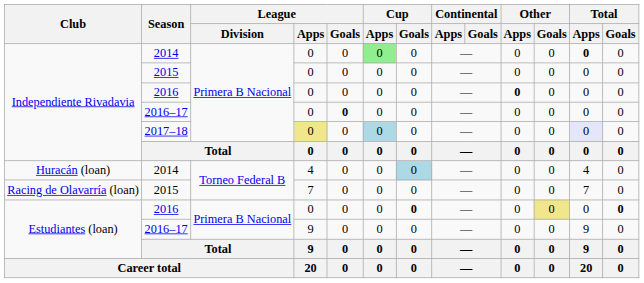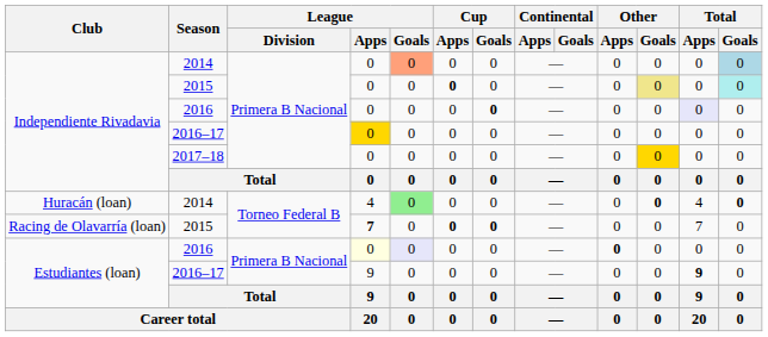 <table class="wikitable" style="text-align:center">
 <tr>
 <th rowspan="2">Club</th>
 <th rowspan="2">Season</th>
 <th colspan="3">League</th>
 <th colspan="2">Cup</th>
 <th colspan="2">Continental</th>
 <th colspan="2">Other</th>
 <th colspan="2">Total</th>
 </tr>
 <tr>
 <th>Division</th>
 <th>Apps</th>
 <th>Goals</th>
 <th>Apps</th>
 <th>Goals</th>
 <th>Apps</th>
 <th>Goals</th>
 <th>Apps</th>
 <th>Goals</th>
 <th>Apps</th>
 <th>Goals</th>
 </tr>
 <tr>
 <td rowspan="6"><a href='#'>Independiente Rivadavia</a></td>
 <td><a href='#'>2014</a></td>
 <td rowspan="5"><a href='#'>Primera B Nacional</a></td>
 <td>0</td>
+<td style="background: lightsalmon;">0</td>
 <td>0</td>
-<td style="background: lightgreen;">0</td>
 <td>0</td>
 <td colspan="2">—</td>
 <td>0</td>
 <td>0</td>
-<td><strong>0</strong></td>
 <td>0</td>
+<td style="background: lightblue;">0</td>
 </tr>
 <tr>
 <td><a href='#'>2015</a></td>
 <td>0</td>
+<td>0</td>
+<td><strong>0</strong></td>
+<td>0</td>
+<td colspan="2">—</td>
+<td>0</td>
+<td style="background: khaki;">0</td>
+<td>0</td>
+<td style="background: paleturquoise;">0</td>
+</tr>
+<tr>
+<td><a href='#'>2016</a></td>
+<td>0</td>
+<td>0</td>
+<td>0</td>
+<td><strong>0</strong></td>
+<td colspan="2">—</td>
+<td>0</td>
+<td>0</td>
+<td style="background: lavender;">0</td>
+<td>0</td>
+</tr>
+<tr>
+<td><a href='#'>2016–17</a></td>
+<td style="background: gold;">0</td>
 <td>0</td>
 <td>0</td>
 <td>0</td>
 <td colspan="2">—</td>
 <td>0</td>
 <td>0</td>
 <td>0</td>
 <td>0</td>
 </tr>
 <tr>
-<td><a href='#'>2016</a></td>
+<td><a href='#'>2017–18</a></td>
 <td>0</td>
 <td>0</td>
 <td>0</td>
 <td>0</td>
 <td colspan="2">—</td>
-<td><strong>0</strong></td>
 <td>0</td>
+<td style="background: gold;">0</td>
 <td>0</td>
-<td>0</td>
-</tr>
-<tr>
-<td><a href='#'>2016–17</a></td>
-<td>0</td>
-<td><strong>0</strong></td>
-<td>0</td>
-<td>0</td>
-<td colspan="2">—</td>
-<td>0</td>
-<td>0</td>
-<td>0</td>
-<td>0</td>
-</tr>
-<tr>
-<td><a href='#'>2017–18</a></td>
-<td style="background: khaki;">0</td>
-<td>0</td>
-<td style="background: lightblue;">0</td>
-<td>0</td>
-<td colspan="2">—</td>
-<td>0</td>
-<td>0</td>
-<td style="background: lavender;">0</td>
 <td>0</td>
 </tr>
 <tr>
 <th colspan="2">Total</th>
 <th>0</th>
 <th>0</th>
 <th>0</th>
 <th>0</th>
 <th colspan="2">—</th>
 <th>0</th>
 <th>0</th>
 <th>0</th>
 <th>0</th>
 </tr>
 <tr>
 <td rowspan="1"><a href='#'>Huracán</a> (loan)</td>
 <td>2014</td>
 <td rowspan="2"><a href='#'>Torneo Federal B</a></td>
 <td>4</td>
+<td style="background: lightgreen;">0</td>
 <td>0</td>
 <td>0</td>
-<td style="background: lightblue;">0</td>
 <td colspan="2">—</td>
 <td>0</td>
-<td>0</td>
+<td><strong>0</strong></td>
 <td>4</td>
-<td>0</td>
+<td><strong>0</strong></td>
 </tr>
 <tr>
 <td rowspan="1"><a href='#'>Racing de Olavarría</a> (loan)</td>
 <td>2015</td>
-<td>7</td>
+<td><strong>7</strong></td>
 <td>0</td>
-<td>0</td>
-<td>0</td>
+<td><strong>0</strong></td>
+<td><strong>0</strong></td>
 <td colspan="2">—</td>
 <td>0</td>
 <td>0</td>
 <td>7</td>
 <td>0</td>
 </tr>
 <tr>
 <td rowspan="3"><a href='#'>Estudiantes</a> (loan)</td>
 <td><a href='#'>2016</a></td>
 <td rowspan="2"><a href='#'>Primera B Nacional</a></td>
+<td style="background: lightyellow;">0</td>
+<td style="background: lavender;">0</td>
+<td>0</td>
+<td>0</td>
+<td colspan="2">—</td>
+<td><strong>0</strong></td>
 <td>0</td>
 <td>0</td>
 <td>0</td>
-<td><strong>0</strong></td>
-<td colspan="2">—</td>
-<td>0</td>
-<td style="background: khaki;">0</td>
-<td>0</td>
-<td><strong>0</strong></td>
 </tr>
 <tr>
 <td><a href='#'>2016–17</a></td>
 <td>9</td>
 <td>0</td>
 <td>0</td>
 <td>0</td>
 <td colspan="2">—</td>
 <td>0</td>
 <td>0</td>
-<td>9</td>
+<td><strong>9</strong></td>
 <td>0</td>
 </tr>
 <tr>
 <th colspan="2">Total</th>
 <th>9</th>
 <th>0</th>
 <th>0</th>
 <th>0</th>
 <th colspan="2">—</th>
 <th>0</th>
 <th>0</th>
 <th>9</th>
 <th>0</th>
 </tr>
 <tr>
 <th colspan="3">Career total</th>
 <th>20</th>
 <th>0</th>
 <th>0</th>
 <th>0</th>
 <th colspan="2">—</th>
 <th>0</th>
 <th>0</th>
 <th>20</th>
 <th>0</th>
 </tr>
 </table>
